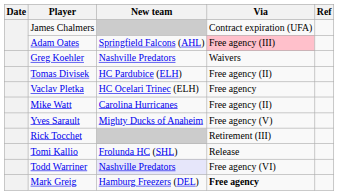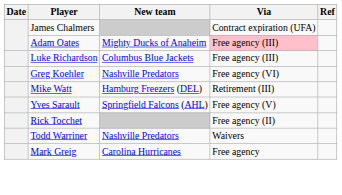 <table class="wikitable plainrowheaders">
 <tr style="background:#ddd; text-align:center;">
 <th>Date</th>
 <th>Player</th>
 <th>New team</th>
 <th>Via</th>
 <th>Ref</th>
 </tr>
 <tr>
 <th scope="row" rowspan=2></th>
 <td>James Chalmers</td>
 <td style="background:#ccc"></td>
 <td>Contract expiration (UFA)</td>
 <td></td>
 </tr>
 <tr>
 <td><a href='#'>Adam Oates</a></td>
-<td><a href='#'>Springfield Falcons</a> (<a href='#'>AHL</a>)</td>
+<td><a href='#'>Mighty Ducks of Anaheim</a></td>
 <td style="background: pink;">Free agency (III)</td>
+<td></td>
+</tr>
+<tr>
+<th scope="row"></th>
+<td><a href='#'>Luke Richardson</a></td>
+<td><a href='#'>Columbus Blue Jackets</a></td>
+<td>Free agency (III)</td>
 <td></td>
 </tr>
 <tr>
 <th scope="row"></th>
 <td><a href='#'>Greg Koehler</a></td>
 <td><a href='#'>Nashville Predators</a></td>
-<td>Waivers</td>
-<td></td>
-</tr>
-<tr>
-<th scope="row"></th>
-<td><a href='#'>Tomas Divisek</a></td>
-<td><a href='#'>HC Pardubice</a> (<a href='#'>ELH</a>)</td>
-<td>Free agency (II)</td>
-<td></td>
-</tr>
-<tr>
-<th scope="row"></th>
-<td><a href='#'>Vaclav Pletka</a></td>
-<td><a href='#'>HC Ocelari Trinec</a> (ELH)</td>
-<td>Free agency</td>
+<td>Free agency (VI)</td>
 <td></td>
 </tr>
 <tr>
 <th scope="row"></th>
 <td><a href='#'>Mike Watt</a></td>
-<td><a href='#'>Carolina Hurricanes</a></td>
-<td>Free agency (II)</td>
+<td><a href='#'>Hamburg Freezers</a> (<a href='#'>DEL</a>)</td>
+<td>Retirement (III)</td>
 <td></td>
 </tr>
 <tr>
 <th scope="row"></th>
 <td><a href='#'>Yves Sarault</a></td>
-<td><a href='#'>Mighty Ducks of Anaheim</a></td>
+<td><a href='#'>Springfield Falcons</a> (<a href='#'>AHL</a>)</td>
 <td>Free agency (V)</td>
 <td></td>
 </tr>
 <tr>
 <th scope="row"></th>
 <td><a href='#'>Rick Tocchet</a></td>
 <td style="background:#ccc"></td>
-<td>Retirement (III)</td>
-<td></td>
-</tr>
-<tr>
-<th scope="row"></th>
-<td><a href='#'>Tomi Kallio</a></td>
-<td><a href='#'>Frolunda HC</a> (<a href='#'>SHL</a>)</td>
-<td>Release</td>
+<td>Free agency (II)</td>
 <td></td>
 </tr>
 <tr>
 <th scope="row"></th>
 <td><a href='#'>Todd Warriner</a></td>
-<td style="background: lavender;"><a href='#'>Nashville Predators</a></td>
-<td>Free agency (VI)</td>
+<td><a href='#'>Nashville Predators</a></td>
+<td>Waivers</td>
 <td></td>
 </tr>
 <tr>
 <th scope="row"></th>
 <td><a href='#'>Mark Greig</a></td>
-<td><a href='#'>Hamburg Freezers</a> (<a href='#'>DEL</a>)</td>
-<td><strong>Free agency</strong></td>
+<td><a href='#'>Carolina Hurricanes</a></td>
+<td>Free agency</td>
 <td></td>
 </tr>
 </table>
